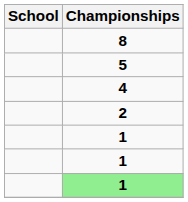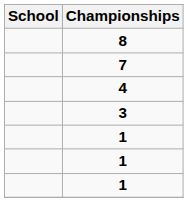 <table class="wikitable sortable" style="text-align:center">
 <tr>
 <th>School</th>
 <th>Championships</th>
 </tr>
 <tr>
 <td><strong><a href='#'></a></strong></td>
 <td><strong>8</strong></td>
 </tr>
 <tr>
 <td><strong><a href='#'></a></strong></td>
-<td><strong>5</strong></td>
+<td><strong>7</strong></td>
 </tr>
 <tr>
 <td><strong><a href='#'></a></strong></td>
 <td><strong>4</strong></td>
 </tr>
 <tr>
 <td><strong><a href='#'></a></strong></td>
-<td><strong>2</strong></td>
+<td><strong>3</strong></td>
 </tr>
 <tr>
 <td><strong><a href='#'></a></strong></td>
 <td><strong>1</strong></td>
 </tr>
 <tr>
 <td><strong><a href='#'></a></strong></td>
 <td><strong>1</strong></td>
 </tr>
 <tr>
 <td><strong><a href='#'></a></strong></td>
-<td style="background: lightgreen;"><strong>1</strong></td>
+<td><strong>1</strong></td>
 </tr>
 <tr>
 </tr>
 </table>
